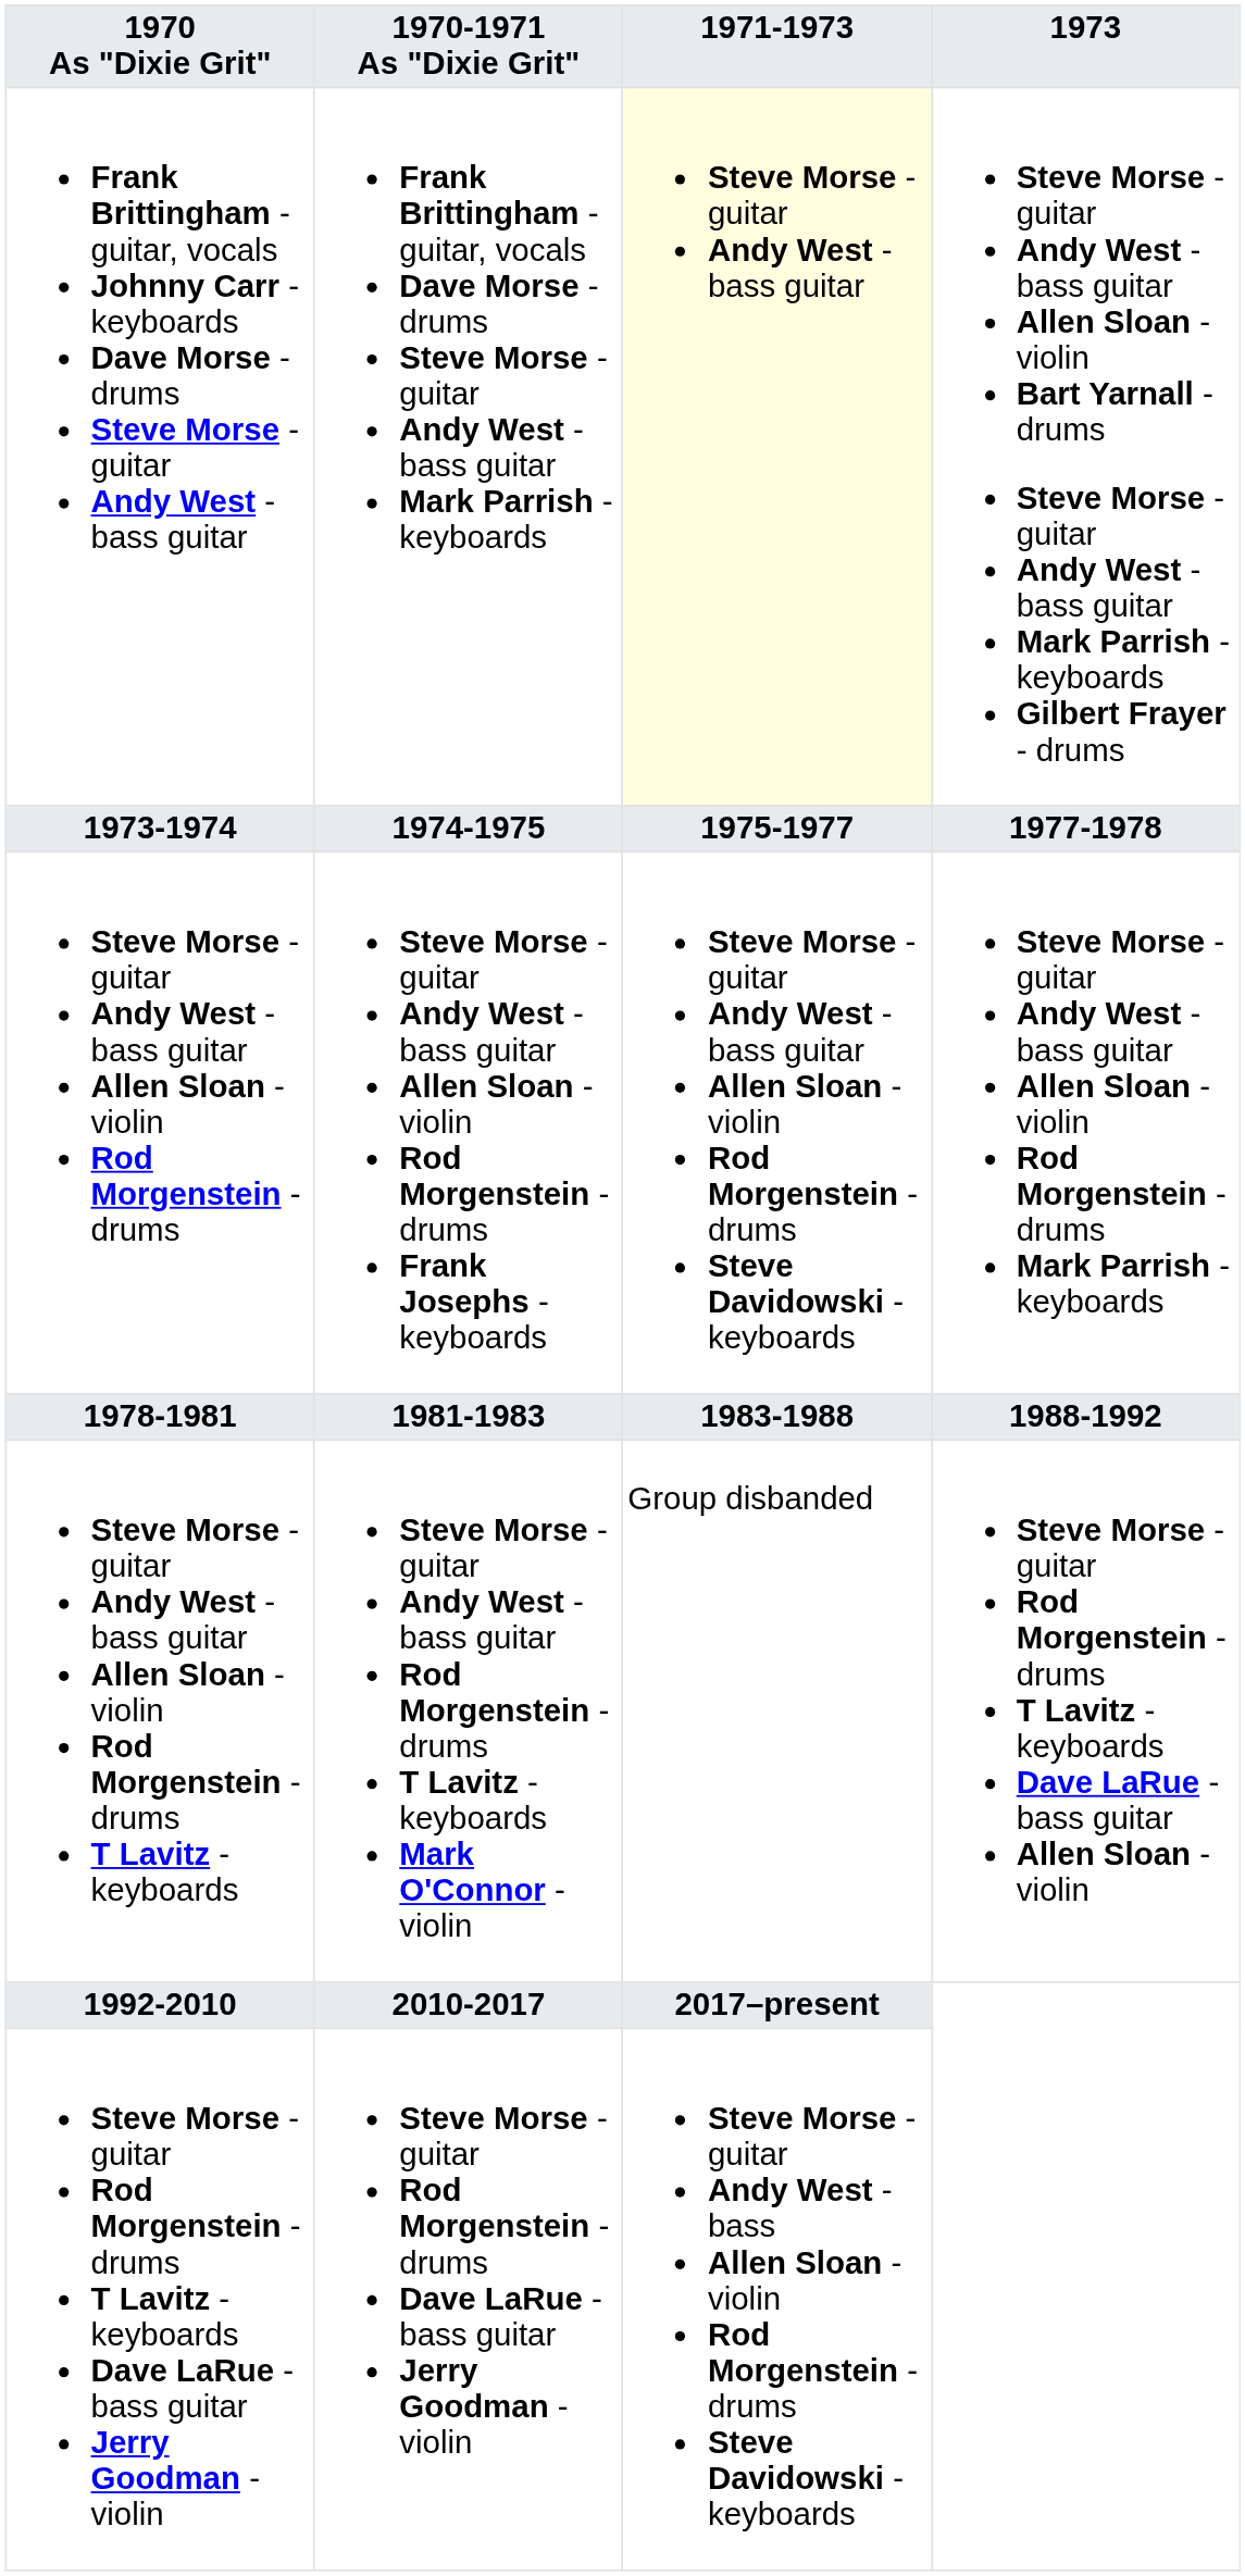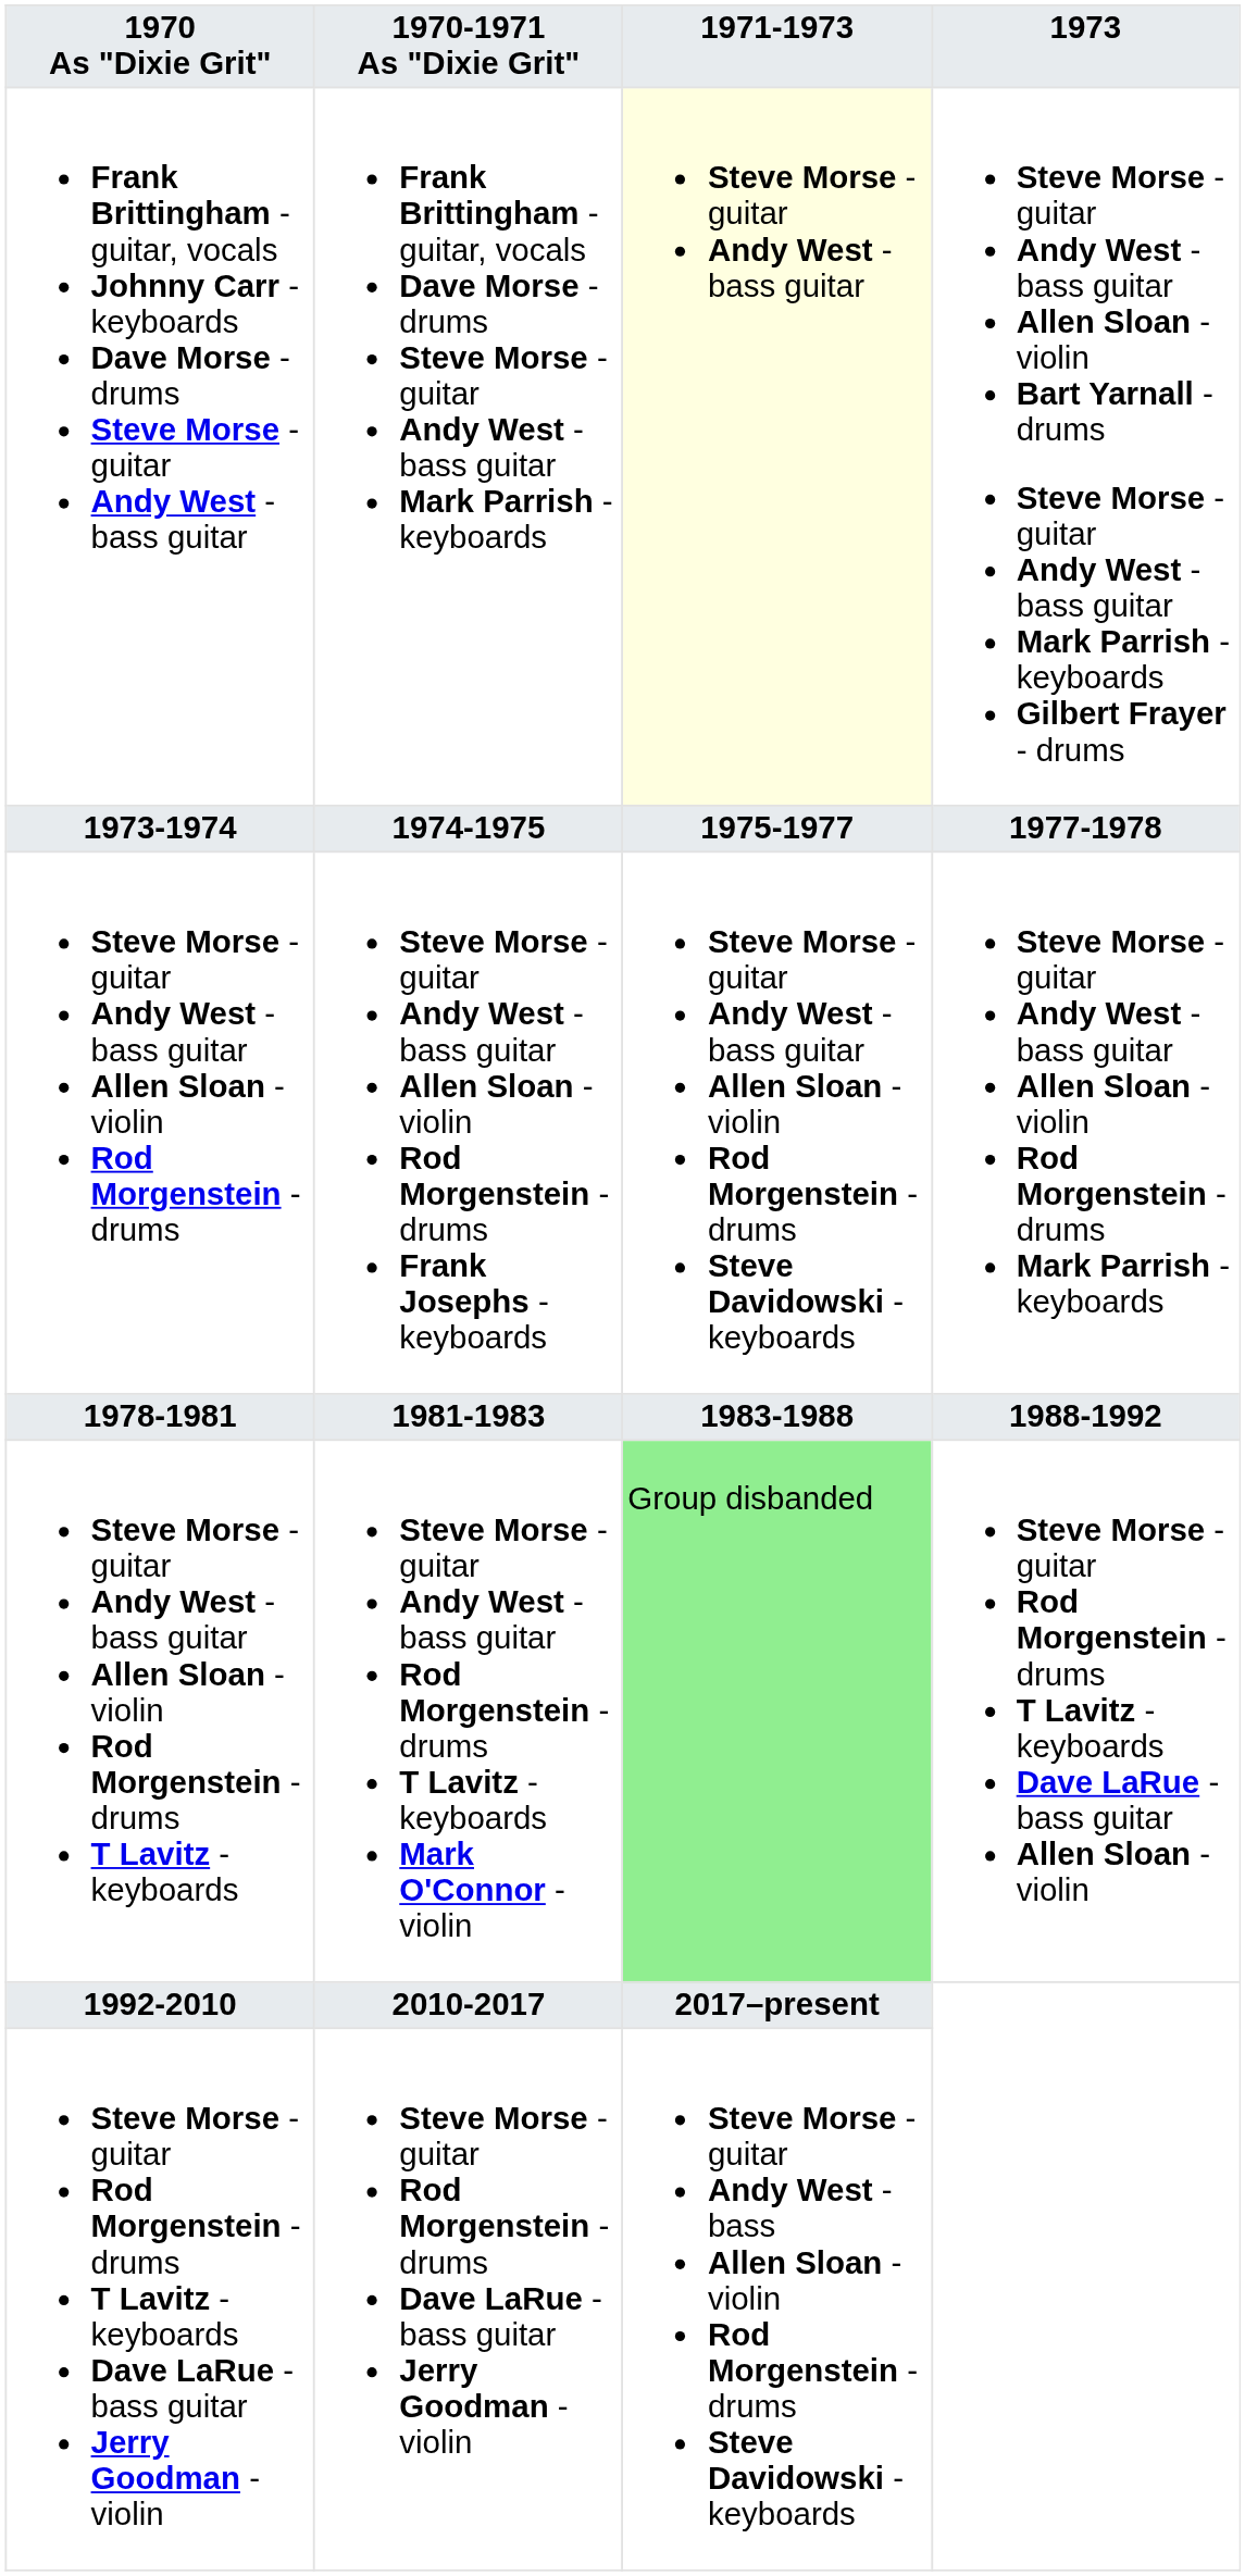 <table class="toccolours" border=1 cellpadding=2 cellspacing=0 style="float: width: 375px; margin: 0 0 1em 1em; border-collapse: collapse; border: 1px solid #E2E2E2;" width=99%>
 <tr>
 <th bgcolor="#E7EBEE" valign=top width=25%>1970<br><strong>As "Dixie Grit"</strong></th>
 <th bgcolor="#E7EBEE" valign=top width=25%>1970-1971<br><strong>As "Dixie Grit"</strong></th>
 <th bgcolor="#E7EBEE" valign=top width=25%>1971-1973</th>
 <th bgcolor="#E7EBEE" valign=top width=25%>1973</th>
 </tr>
 <tr>
 <td valign=top><br><ul><li><strong>Frank Brittingham</strong> - guitar, vocals</li><li><strong>Johnny Carr</strong> - keyboards</li><li><strong>Dave Morse</strong> - drums</li><li><strong><a href='#'>Steve Morse</a></strong> - guitar</li><li><strong><a href='#'>Andy West</a></strong> - bass guitar</li></ul></td>
 <td valign=top><br><ul><li><strong>Frank Brittingham</strong> - guitar, vocals</li><li><strong>Dave Morse</strong> - drums</li><li><strong>Steve Morse</strong> - guitar</li><li><strong>Andy West</strong> - bass guitar</li><li><strong>Mark Parrish</strong> - keyboards</li></ul></td>
 <td valign=top style="background: lightyellow;"><br><ul><li><strong>Steve Morse</strong> - guitar</li><li><strong>Andy West</strong> - bass guitar</li></ul></td>
 <td valign=top><br><ul><li><strong>Steve Morse</strong> - guitar</li><li><strong>Andy West</strong> - bass guitar</li><li><strong>Allen Sloan</strong> - violin</li><li><strong>Bart Yarnall</strong> - drums</li></ul><ul><li><strong>Steve Morse</strong> - guitar</li><li><strong>Andy West</strong> - bass guitar</li><li><strong>Mark Parrish</strong> - keyboards</li><li><strong>Gilbert Frayer</strong> - drums</li></ul></td>
 </tr>
 <tr>
 <th bgcolor="#E7EBEE" valign=top width=25%>1973-1974</th>
 <th bgcolor="#E7EBEE" valign=top width=25%>1974-1975</th>
 <th bgcolor="#E7EBEE" valign=top width=25%>1975-1977</th>
 <th bgcolor="#E7EBEE" valign=top width=25%>1977-1978</th>
 </tr>
 <tr>
 <td valign=top><br><ul><li><strong>Steve Morse</strong> - guitar</li><li><strong>Andy West</strong> - bass guitar</li><li><strong>Allen Sloan</strong> - violin</li><li><strong><a href='#'>Rod Morgenstein</a></strong> - drums</li></ul></td>
 <td valign=top><br><ul><li><strong>Steve Morse</strong> - guitar</li><li><strong>Andy West</strong> - bass guitar</li><li><strong>Allen Sloan</strong> - violin</li><li><strong>Rod Morgenstein</strong> - drums</li><li><strong>Frank Josephs</strong> - keyboards</li></ul></td>
 <td valign=top><br><ul><li><strong>Steve Morse</strong> - guitar</li><li><strong>Andy West</strong> - bass guitar</li><li><strong>Allen Sloan</strong> - violin</li><li><strong>Rod Morgenstein</strong> - drums</li><li><strong>Steve Davidowski</strong> - keyboards</li></ul></td>
 <td valign=top><br><ul><li><strong>Steve Morse</strong> - guitar</li><li><strong>Andy West</strong> - bass guitar</li><li><strong>Allen Sloan</strong> - violin</li><li><strong>Rod Morgenstein</strong> - drums</li><li><strong>Mark Parrish</strong> - keyboards</li></ul></td>
 </tr>
 <tr>
 <th bgcolor="#E7EBEE" valign=top width=25%>1978-1981</th>
 <th bgcolor="#E7EBEE" valign=top width=25%>1981-1983</th>
 <th bgcolor="#E7EBEE" valign=top width=25%>1983-1988</th>
 <th bgcolor="#E7EBEE" valign=top width=25%>1988-1992</th>
 </tr>
 <tr>
 <td valign=top><br><ul><li><strong>Steve Morse</strong> - guitar</li><li><strong>Andy West</strong> - bass guitar</li><li><strong>Allen Sloan</strong> - violin</li><li><strong>Rod Morgenstein</strong> - drums</li><li><strong><a href='#'>T Lavitz</a></strong> - keyboards</li></ul></td>
 <td valign=top><br><ul><li><strong>Steve Morse</strong> - guitar</li><li><strong>Andy West</strong> - bass guitar</li><li><strong>Rod Morgenstein</strong> - drums</li><li><strong>T Lavitz</strong> - keyboards</li><li><strong><a href='#'>Mark O'Connor</a></strong> - violin</li></ul></td>
-<td valign=top><br>Group disbanded</td>
+<td valign=top style="background: lightgreen;"><br>Group disbanded</td>
 <td valign=top><br><ul><li><strong>Steve Morse</strong> - guitar</li><li><strong>Rod Morgenstein</strong> - drums</li><li><strong>T Lavitz</strong> - keyboards</li><li><strong><a href='#'>Dave LaRue</a></strong> - bass guitar</li><li><strong>Allen Sloan</strong> - violin</li></ul></td>
 </tr>
 <tr>
 <th bgcolor="#E7EBEE" valign=top width=25%>1992-2010</th>
 <th bgcolor="#E7EBEE" valign=top width=25%>2010-2017</th>
 <th bgcolor="#E7EBEE" valign=top width=25%>2017–present</th>
 </tr>
 <tr>
 <td valign=top><br><ul><li><strong>Steve Morse</strong> - guitar</li><li><strong>Rod Morgenstein</strong> - drums</li><li><strong>T Lavitz</strong> - keyboards</li><li><strong>Dave LaRue</strong> - bass guitar</li><li><strong><a href='#'>Jerry Goodman</a></strong> - violin</li></ul></td>
 <td valign=top><br><ul><li><strong>Steve Morse</strong> - guitar</li><li><strong>Rod Morgenstein</strong> - drums</li><li><strong>Dave LaRue</strong> - bass guitar</li><li><strong>Jerry Goodman</strong> - violin</li></ul></td>
 <td valign=top><br><ul><li><strong>Steve Morse</strong> - guitar</li><li><strong>Andy West</strong> - bass</li><li><strong>Allen Sloan</strong> - violin</li><li><strong>Rod Morgenstein</strong> - drums</li><li><strong>Steve Davidowski</strong> - keyboards</li></ul></td>
 </tr>
 </table>
